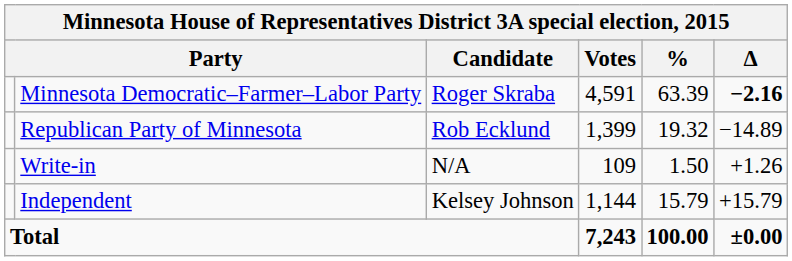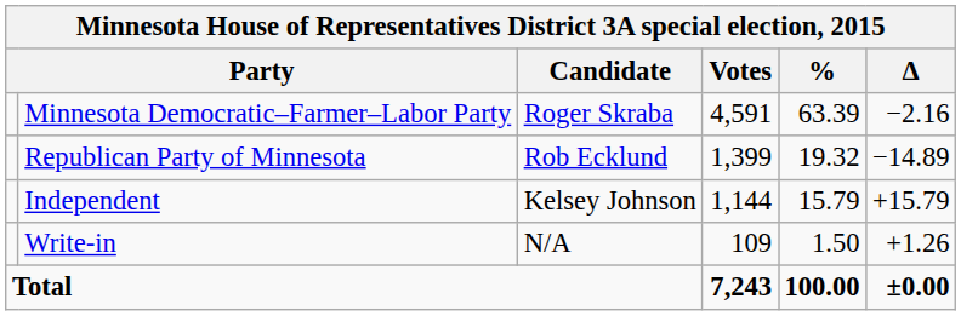 <table class="wikitable">
 <tr>
 <th colspan="6">Minnesota House of Representatives District 3A special election, 2015</th>
 </tr>
 <tr>
 <th colspan="2">Party</th>
 <th>Candidate</th>
 <th>Votes</th>
 <th>%</th>
 <th>∆</th>
 </tr>
 <tr>
 <td style="background-color:"></td>
 <td><a href='#'>Minnesota Democratic–Farmer–Labor Party</a></td>
 <td><a href='#'>Roger Skraba</a></td>
 <td align="right">4,591</td>
 <td align="right">63.39</td>
-<td align="right"><strong>−2.16</strong></td>
+<td align="right">−2.16</td>
 </tr>
 <tr>
 <td style="background-color:"></td>
 <td><a href='#'>Republican Party of Minnesota</a></td>
 <td><a href='#'>Rob Ecklund</a></td>
 <td align="right">1,399</td>
 <td align="right">19.32</td>
 <td align="right">−14.89</td>
 </tr>
 <tr>
 <td style="background-color:"></td>
+<td><a href='#'>Independent</a></td>
+<td>Kelsey Johnson</td>
+<td align="right">1,144</td>
+<td align="right">15.79</td>
+<td align="right">+15.79</td>
+</tr>
+<tr>
+<td style="background-color:"></td>
 <td><a href='#'>Write-in</a></td>
 <td>N/A</td>
 <td align="right">109</td>
 <td align="right">1.50</td>
 <td align="right">+1.26</td>
-</tr>
-<tr>
-<td style="background-color:"></td>
-<td><a href='#'>Independent</a></td>
-<td>Kelsey Johnson</td>
-<td align="right">1,144</td>
-<td align="right">15.79</td>
-<td align="right">+15.79</td>
 </tr>
 <tr>
 <td colspan="3"><strong>Total</strong></td>
 <td align="right"><strong>7,243</strong></td>
 <td align="right"><strong>100.00</strong></td>
 <td align="right"><strong>±0.00</strong></td>
 </tr>
 </table>
